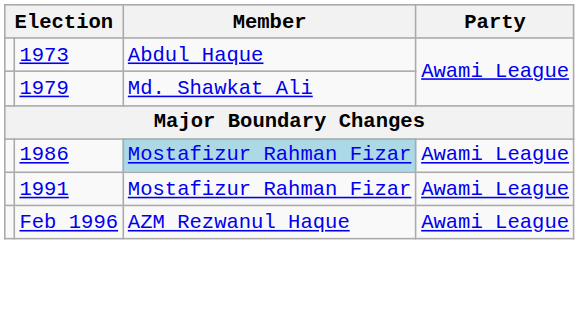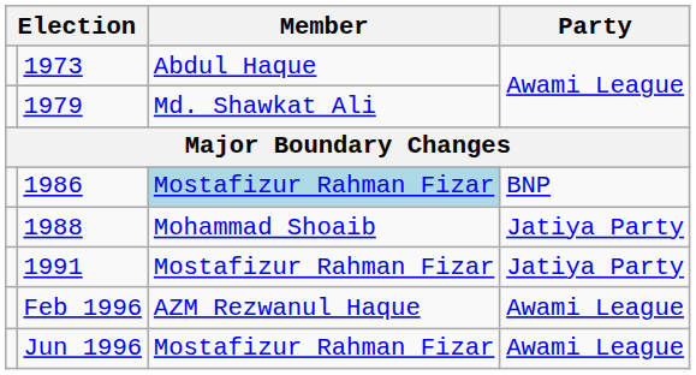 <table class="wikitable">
 <tr>
 <th colspan="2">Election</th>
 <th>Member</th>
 <th>Party</th>
 </tr>
 <tr>
 <td style="background-color:"></td>
 <td><a href='#'>1973</a></td>
 <td><a href='#'>Abdul Haque</a></td>
 <td rowspan="2"><a href='#'>Awami League</a></td>
 </tr>
 <tr>
 <td style="background-color:"></td>
 <td><a href='#'>1979</a></td>
 <td><a href='#'>Md. Shawkat Ali</a></td>
 </tr>
 <tr>
 <th colspan="4">Major Boundary Changes</th>
 </tr>
 <tr>
 <td style="background-color:"></td>
 <td><a href='#'>1986</a></td>
 <td style="background: lightblue;"><a href='#'>Mostafizur Rahman Fizar</a></td>
-<td><a href='#'>Awami League</a></td>
+<td><a href='#'>BNP</a></td>
+</tr>
+<tr>
+<td style="background-color:"></td>
+<td><a href='#'>1988</a></td>
+<td><a href='#'>Mohammad Shoaib</a></td>
+<td><a href='#'>Jatiya Party</a></td>
 </tr>
 <tr>
 <td style="background-color:"></td>
 <td><a href='#'>1991</a></td>
 <td><a href='#'>Mostafizur Rahman Fizar</a></td>
-<td><a href='#'>Awami League</a></td>
+<td><a href='#'>Jatiya Party</a></td>
 </tr>
 <tr>
 <td style="background-color:"></td>
 <td><a href='#'>Feb 1996</a></td>
 <td><a href='#'>AZM Rezwanul Haque</a></td>
 <td><a href='#'>Awami League</a></td>
 </tr>
+<tr>
+<td style="background-color:"></td>
+<td><a href='#'>Jun 1996</a></td>
+<td><a href='#'>Mostafizur Rahman Fizar</a></td>
+<td><a href='#'>Awami League</a></td>
+</tr>
 </table>
